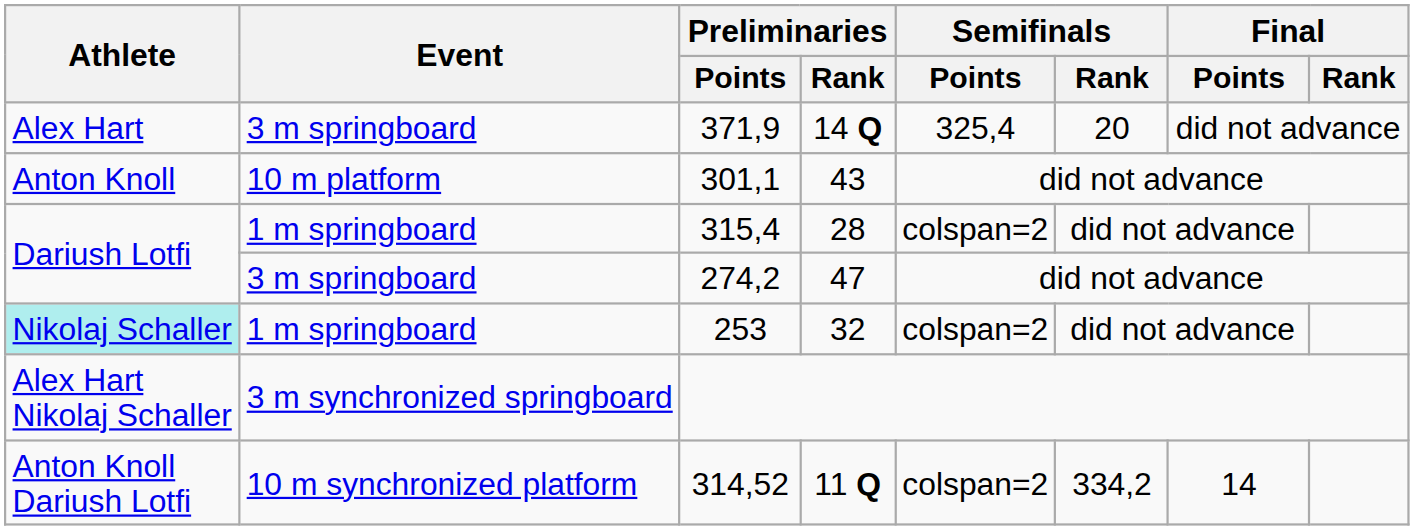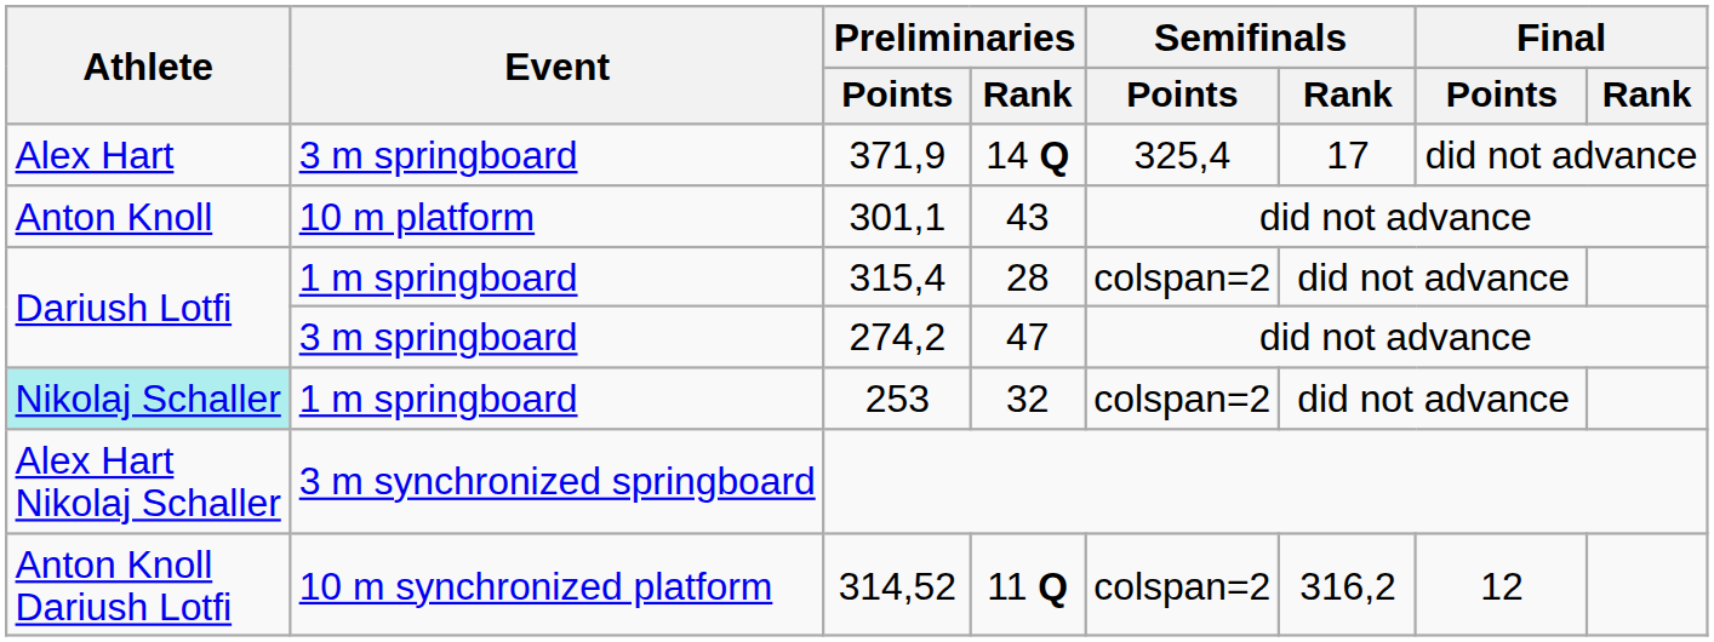 <table class="wikitable" style="font-size:90%">
 <tr>
 <th rowspan="2">Athlete</th>
 <th rowspan="2">Event</th>
 <th colspan="2">Preliminaries</th>
 <th colspan="2">Semifinals</th>
 <th colspan="2">Final</th>
 </tr>
 <tr style="font-size:95%">
 <th>Points</th>
 <th>Rank</th>
 <th>Points</th>
 <th>Rank</th>
 <th>Points</th>
 <th>Rank</th>
 </tr>
 <tr align="center">
 <td align="left"><a href='#'>Alex Hart</a></td>
 <td align="left"><a href='#'>3 m springboard</a></td>
 <td>371,9</td>
 <td>14 <strong>Q</strong></td>
 <td>325,4</td>
-<td>20</td>
+<td>17</td>
 <td colspan=2>did not advance</td>
 </tr>
 <tr align="center">
 <td align="left"><a href='#'>Anton Knoll</a></td>
 <td align="left"><a href='#'>10 m platform</a></td>
 <td>301,1</td>
 <td>43</td>
 <td colspan=4>did not advance</td>
 </tr>
 <tr align="center">
 <td align="left" rowspan=2><a href='#'>Dariush Lotfi</a></td>
 <td align="left"><a href='#'>1 m springboard</a></td>
 <td>315,4</td>
 <td>28</td>
 <td>colspan=2</td>
 <td colspan=2>did not advance</td>
 </tr>
 <tr align="center">
 <td align="left"><a href='#'>3 m springboard</a></td>
 <td>274,2</td>
 <td>47</td>
 <td colspan=4>did not advance</td>
 </tr>
 <tr align="center">
 <td align="left" style="background: paleturquoise;"><a href='#'>Nikolaj Schaller</a></td>
 <td align="left"><a href='#'>1 m springboard</a></td>
 <td>253</td>
 <td>32</td>
 <td>colspan=2</td>
 <td colspan=2>did not advance</td>
 </tr>
 <tr align="center">
 <td align="left"><a href='#'>Alex Hart</a><br><a href='#'>Nikolaj Schaller</a></td>
 <td align="left"><a href='#'>3 m synchronized springboard</a></td>
 <td colspan=6></td>
 </tr>
 <tr align="center">
 <td align="left"><a href='#'>Anton Knoll</a><br><a href='#'>Dariush Lotfi</a></td>
 <td align="left"><a href='#'>10 m synchronized platform</a></td>
 <td>314,52</td>
 <td>11 <strong>Q</strong></td>
 <td>colspan=2 </td>
-<td>334,2</td>
-<td>14</td>
+<td>316,2</td>
+<td>12</td>
 </tr>
 </table>
